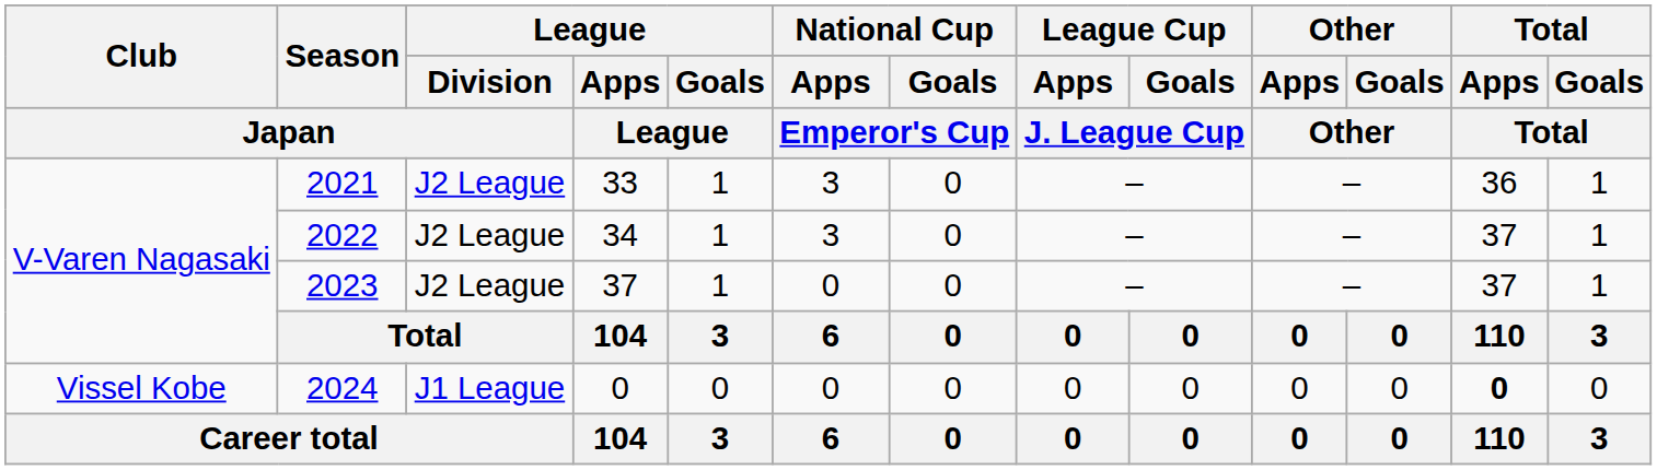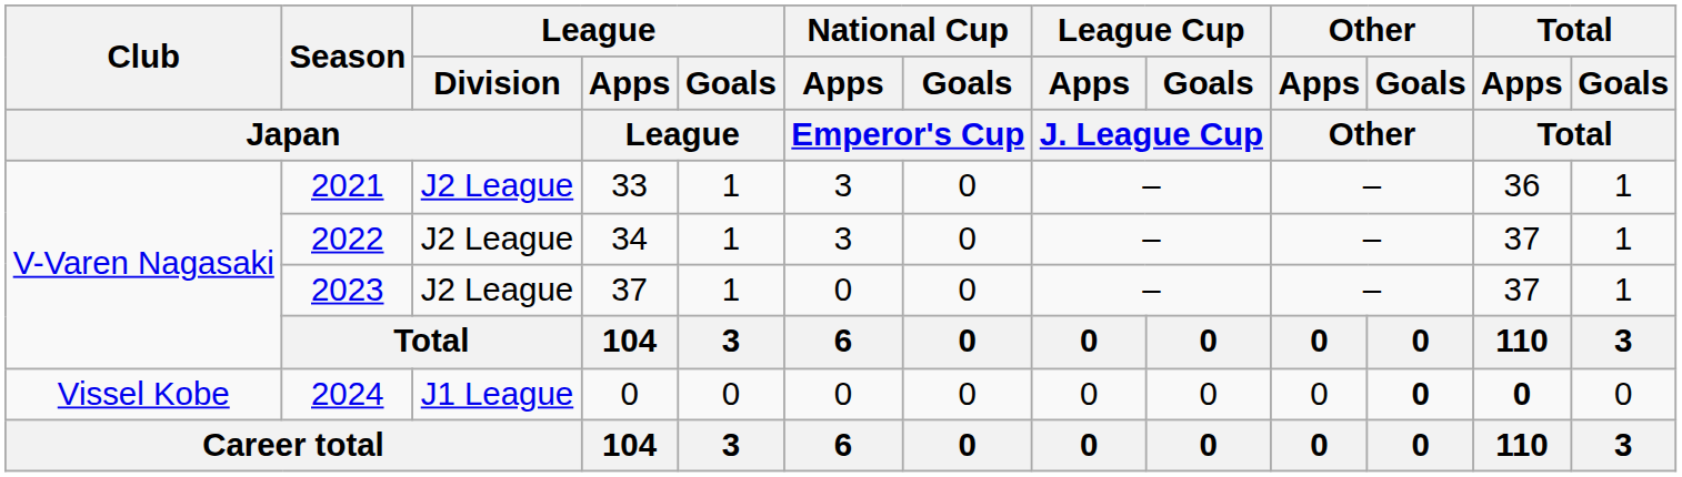 <table class="wikitable" style="text-align:center">
 <tr>
 <th rowspan=2>Club</th>
 <th rowspan=2>Season</th>
 <th colspan=3>League</th>
 <th colspan=2>National Cup</th>
 <th colspan=2>League Cup</th>
 <th colspan=2>Other</th>
 <th colspan=2>Total</th>
 </tr>
 <tr>
 <th>Division</th>
 <th>Apps</th>
 <th>Goals</th>
 <th>Apps</th>
 <th>Goals</th>
 <th>Apps</th>
 <th>Goals</th>
 <th>Apps</th>
 <th>Goals</th>
 <th>Apps</th>
 <th>Goals</th>
 </tr>
 <tr>
 <th colspan=3>Japan</th>
 <th colspan=2>League</th>
 <th colspan=2><a href='#'>Emperor's Cup</a></th>
 <th colspan=2><a href='#'>J. League Cup</a></th>
 <th colspan=2>Other</th>
 <th colspan=2>Total</th>
 </tr>
 <tr>
 <td rowspan="4"><a href='#'>V-Varen Nagasaki</a></td>
 <td><a href='#'>2021</a></td>
 <td><a href='#'>J2 League</a></td>
 <td>33</td>
 <td>1</td>
 <td>3</td>
 <td>0</td>
 <td colspan="2">–</td>
 <td colspan="2">–</td>
 <td>36</td>
 <td>1</td>
 </tr>
 <tr>
 <td><a href='#'>2022</a></td>
 <td>J2 League</td>
 <td>34</td>
 <td>1</td>
 <td>3</td>
 <td>0</td>
 <td colspan="2">–</td>
 <td colspan="2">–</td>
 <td>37</td>
 <td>1</td>
 </tr>
 <tr>
 <td><a href='#'>2023</a></td>
 <td>J2 League</td>
 <td>37</td>
 <td>1</td>
 <td>0</td>
 <td>0</td>
 <td colspan="2">–</td>
 <td colspan="2">–</td>
 <td>37</td>
 <td>1</td>
 </tr>
 <tr>
 <th colspan="2">Total</th>
 <th>104</th>
 <th>3</th>
 <th>6</th>
 <th>0</th>
 <th>0</th>
 <th>0</th>
 <th>0</th>
 <th>0</th>
 <th>110</th>
 <th>3</th>
 </tr>
 <tr>
 <td rowspan="1"><a href='#'>Vissel Kobe</a></td>
 <td><a href='#'>2024</a></td>
 <td><a href='#'>J1 League</a></td>
 <td>0</td>
 <td>0</td>
 <td>0</td>
 <td>0</td>
 <td>0</td>
 <td>0</td>
 <td>0</td>
-<td>0</td>
+<td><strong>0</strong></td>
 <td><strong>0</strong></td>
 <td>0</td>
 </tr>
 <tr>
 <th colspan=3>Career total</th>
 <th>104</th>
 <th>3</th>
 <th>6</th>
 <th>0</th>
 <th>0</th>
 <th>0</th>
 <th>0</th>
 <th>0</th>
 <th>110</th>
 <th>3</th>
 </tr>
 </table>
